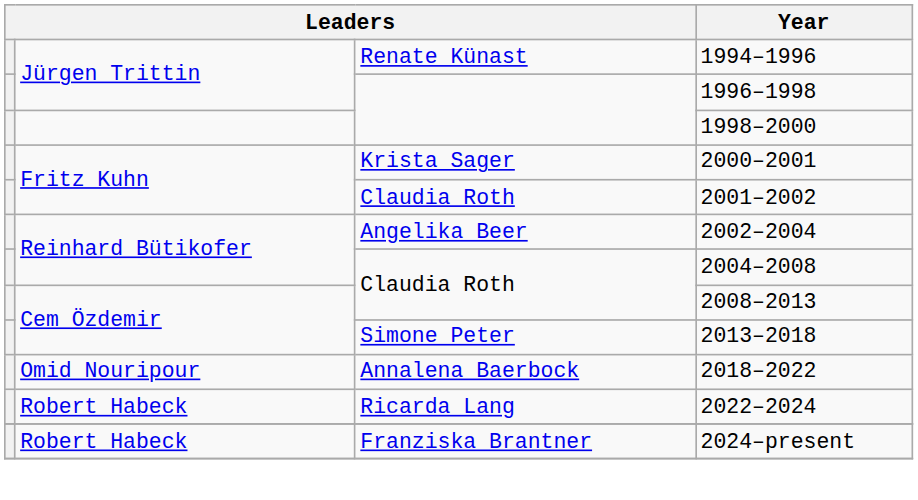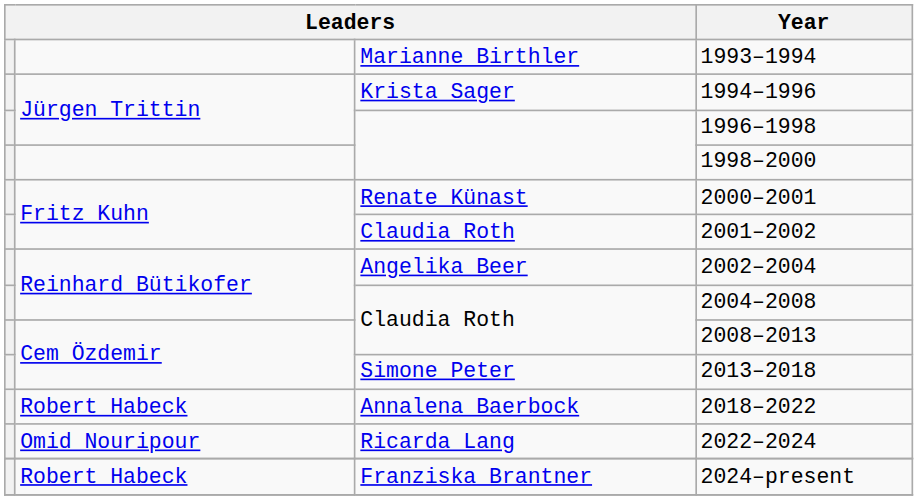 <table class="wikitable">
 <tr>
 <th colspan=3>Leaders</th>
 <th>Year</th>
 </tr>
 <tr>
 <th style="background:"></th>
+<td style="width:200px;"></td>
+<td style="width:200px;"><a href='#'>Marianne Birthler</a></td>
+<td style="width:125px;">1993–1994</td>
+</tr>
+<tr>
+<th style="background:"></th>
 <td style="width:200px;" rowspan=2><a href='#'>Jürgen Trittin</a></td>
-<td style="width:200px;"><a href='#'>Renate Künast</a></td>
+<td style="width:200px;"><a href='#'>Krista Sager</a></td>
 <td style="width:125px;">1994–1996</td>
 </tr>
 <tr>
 <th style="background:"></th>
 <td style="width:200px;" rowspan=2></td>
 <td style="width:125px;">1996–1998</td>
 </tr>
 <tr>
 <th style="background:"></th>
 <td style="width:200px;"></td>
 <td style="width:125px;">1998–2000</td>
 </tr>
 <tr>
 <th style="background:"></th>
 <td style="width:200px;" rowspan=2><a href='#'>Fritz Kuhn</a></td>
-<td style="width:200px;"><a href='#'>Krista Sager</a></td>
+<td style="width:200px;"><a href='#'>Renate Künast</a></td>
 <td style="width:125px;">2000–2001</td>
 </tr>
 <tr>
 <th style="background:"></th>
 <td style="width:200px;"><a href='#'>Claudia Roth</a></td>
 <td style="width:125px;">2001–2002</td>
 </tr>
 <tr>
 <th style="background:"></th>
 <td style="width:200px;" rowspan=2><a href='#'>Reinhard Bütikofer</a></td>
 <td style="width:200px;"><a href='#'>Angelika Beer</a></td>
 <td style="width:125px;">2002–2004</td>
 </tr>
 <tr>
 <th style="background:"></th>
 <td style="width:200px;" rowspan=2>Claudia Roth</td>
 <td style="width:125px;">2004–2008</td>
 </tr>
 <tr>
 <th style="background:"></th>
 <td style="width:200px;" rowspan=2><a href='#'>Cem Özdemir</a></td>
 <td style="width:125px;">2008–2013</td>
 </tr>
 <tr>
 <th style="background:"></th>
 <td style="width:200px;"><a href='#'>Simone Peter</a></td>
 <td style="width:125px;">2013–2018</td>
 </tr>
 <tr>
 <th style="background:"></th>
-<td style="width:200px;"><a href='#'>Omid Nouripour</a></td>
+<td style="width:200px;"><a href='#'>Robert Habeck</a></td>
 <td style="width:200px;"><a href='#'>Annalena Baerbock</a></td>
 <td style="width:125px;">2018–2022</td>
 </tr>
 <tr>
 <th style="background:"></th>
-<td style="width:200px;"><a href='#'>Robert Habeck</a></td>
+<td style="width:200px;"><a href='#'>Omid Nouripour</a></td>
 <td style="width:200px;"><a href='#'>Ricarda Lang</a></td>
 <td style="width:125px;">2022–2024</td>
 </tr>
 <tr>
 </tr>
 <tr>
 <th style="background:"></th>
 <td style="width:200px;"><a href='#'>Robert Habeck</a></td>
 <td style="width:200px;"><a href='#'>Franziska Brantner</a></td>
 <td style="width:125px;">2024–present</td>
 </tr>
 <tr>
 </tr>
 </table>
